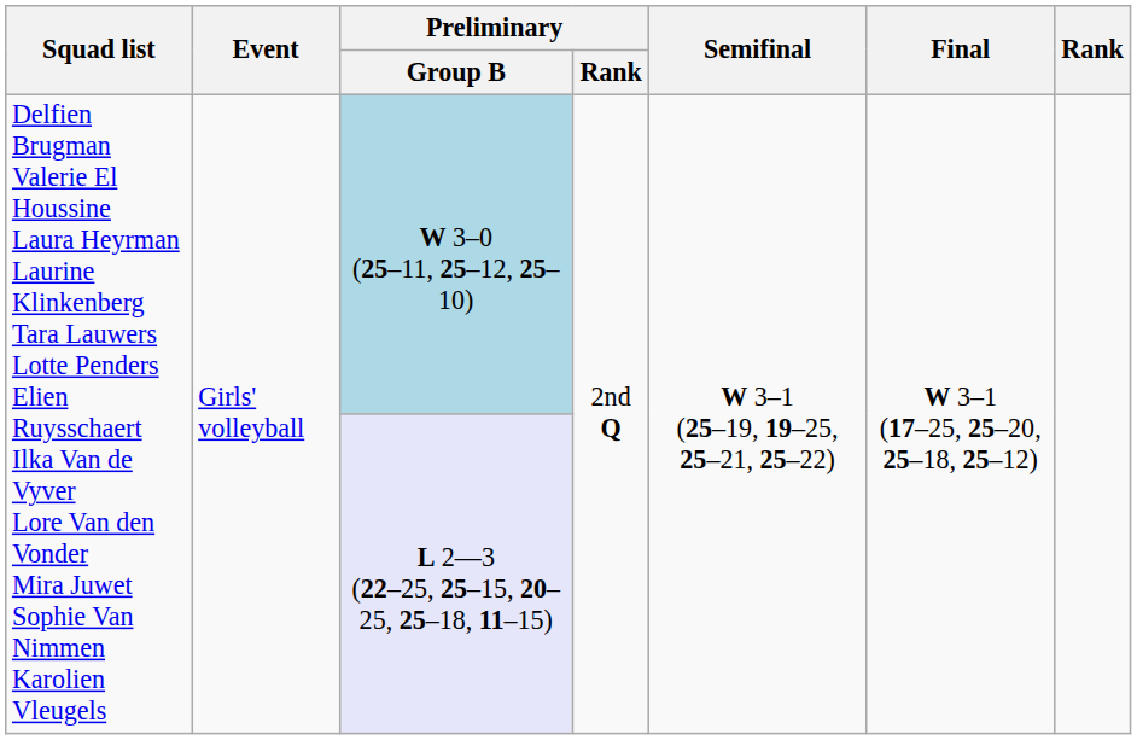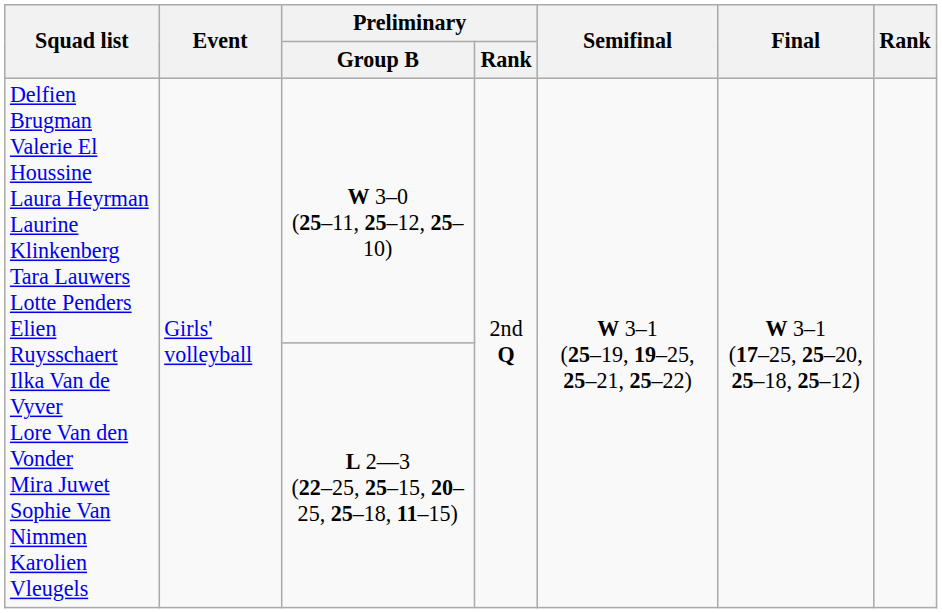 <table class="wikitable" style="text-align:left; font-size:90%">
 <tr>
 <th rowspan="2">Squad list</th>
 <th rowspan="2">Event</th>
 <th colspan="2">Preliminary</th>
 <th rowspan="2">Semifinal</th>
 <th rowspan="2">Final</th>
 <th rowspan="2">Rank</th>
 </tr>
 <tr>
 <th>Group B</th>
 <th>Rank</th>
 </tr>
 <tr>
 <td rowspan="2"><a href='#'>Delfien Brugman</a><br><a href='#'>Valerie El Houssine</a><br><a href='#'>Laura Heyrman</a><br><a href='#'>Laurine Klinkenberg</a><br><a href='#'>Tara Lauwers</a><br><a href='#'>Lotte Penders</a><br><a href='#'>Elien Ruysschaert</a><br><a href='#'>Ilka Van de Vyver</a><br><a href='#'>Lore Van den Vonder</a><br><a href='#'>Mira Juwet</a><br><a href='#'>Sophie Van Nimmen</a><br><a href='#'>Karolien Vleugels</a></td>
 <td rowspan=2><a href='#'>Girls' volleyball</a></td>
-<td align="center" style="background: lightblue;"> <br> <strong>W</strong> 3–0<br>(<strong>25</strong>–11, <strong>25</strong>–12, <strong>25</strong>–10)</td>
+<td align="center"> <br> <strong>W</strong> 3–0<br>(<strong>25</strong>–11, <strong>25</strong>–12, <strong>25</strong>–10)</td>
 <td rowspan="2" align="center">2nd <strong>Q</strong></td>
 <td rowspan="2" align="center"><br> <strong>W</strong> 3–1<br>(<strong>25</strong>–19, <strong>19</strong>–25, <strong>25</strong>–21, <strong>25</strong>–22)</td>
 <td rowspan="2" align="center"><br><strong>W</strong> 3–1<br>(<strong>17</strong>–25, <strong>25</strong>–20, <strong>25</strong>–18, <strong>25</strong>–12)</td>
 <td rowspan="2" align="center"></td>
 </tr>
 <tr>
-<td align="center" style="background: lavender;"><br> <strong>L</strong> 2—3<br>(<strong>22</strong>–25, <strong>25</strong>–15, <strong>20</strong>–25, <strong>25</strong>–18, <strong>11</strong>–15)</td>
+<td align="center"><br> <strong>L</strong> 2—3<br>(<strong>22</strong>–25, <strong>25</strong>–15, <strong>20</strong>–25, <strong>25</strong>–18, <strong>11</strong>–15)</td>
 </tr>
 </table>
